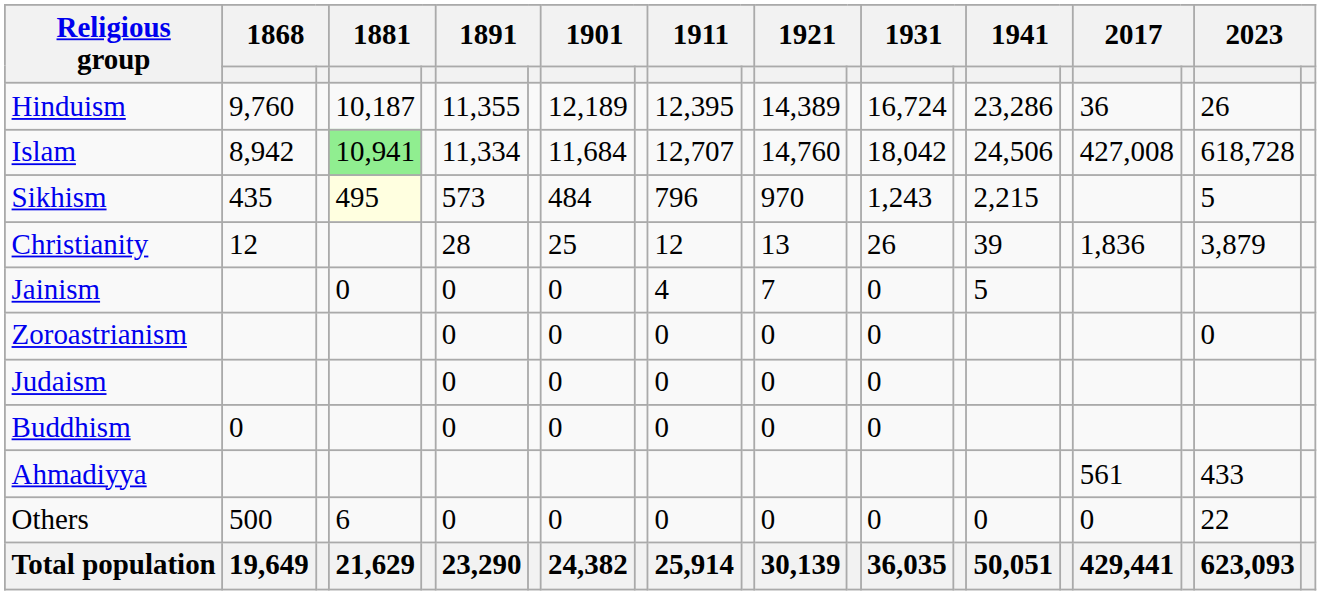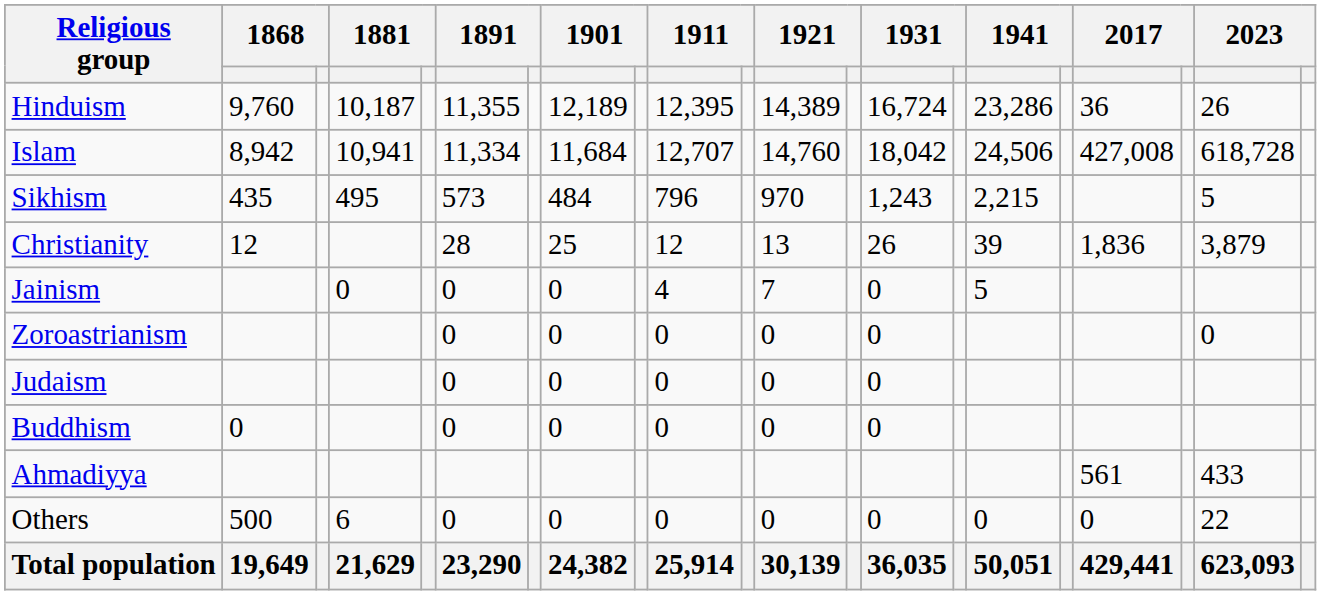 <table class="wikitable sortable">
 <tr>
 <th rowspan="2"><a href='#'>Religious</a><br>group</th>
 <th colspan="2">1868</th>
 <th colspan="2">1881</th>
 <th colspan="2">1891</th>
 <th colspan="2">1901</th>
 <th colspan="2">1911</th>
 <th colspan="2">1921</th>
 <th colspan="2">1931</th>
 <th colspan="2">1941</th>
 <th colspan="2">2017</th>
 <th colspan="2">2023</th>
 </tr>
 <tr>
 <th><a href='#'></a></th>
 <th></th>
 <th></th>
 <th></th>
 <th></th>
 <th></th>
 <th></th>
 <th></th>
 <th></th>
 <th></th>
 <th></th>
 <th></th>
 <th></th>
 <th></th>
 <th></th>
 <th></th>
 <th></th>
 <th></th>
 <th></th>
 <th></th>
 </tr>
 <tr>
 <td><a href='#'>Hinduism</a> </td>
 <td>9,760</td>
 <td></td>
 <td>10,187</td>
 <td></td>
 <td>11,355</td>
 <td></td>
 <td>12,189</td>
 <td></td>
 <td>12,395</td>
 <td></td>
 <td>14,389</td>
 <td></td>
 <td>16,724</td>
 <td></td>
 <td>23,286</td>
 <td></td>
 <td>36</td>
 <td></td>
 <td>26</td>
 <td></td>
 </tr>
 <tr>
 <td><a href='#'>Islam</a> </td>
 <td>8,942</td>
 <td></td>
-<td style="background: lightgreen;">10,941</td>
+<td>10,941</td>
 <td></td>
 <td>11,334</td>
 <td></td>
 <td>11,684</td>
 <td></td>
 <td>12,707</td>
 <td></td>
 <td>14,760</td>
 <td></td>
 <td>18,042</td>
 <td></td>
 <td>24,506</td>
 <td></td>
 <td>427,008</td>
 <td></td>
 <td>618,728</td>
 <td></td>
 </tr>
 <tr>
 <td><a href='#'>Sikhism</a> </td>
 <td>435</td>
 <td></td>
-<td style="background: lightyellow;">495</td>
+<td>495</td>
 <td></td>
 <td>573</td>
 <td></td>
 <td>484</td>
 <td></td>
 <td>796</td>
 <td></td>
 <td>970</td>
 <td></td>
 <td>1,243</td>
 <td></td>
 <td>2,215</td>
 <td></td>
 <td></td>
 <td></td>
 <td>5</td>
 <td></td>
 </tr>
 <tr>
 <td><a href='#'>Christianity</a> </td>
 <td>12</td>
 <td></td>
 <td></td>
 <td></td>
 <td>28</td>
 <td></td>
 <td>25</td>
 <td></td>
 <td>12</td>
 <td></td>
 <td>13</td>
 <td></td>
 <td>26</td>
 <td></td>
 <td>39</td>
 <td></td>
 <td>1,836</td>
 <td></td>
 <td>3,879</td>
 <td></td>
 </tr>
 <tr>
 <td><a href='#'>Jainism</a> </td>
 <td></td>
 <td></td>
 <td>0</td>
 <td></td>
 <td>0</td>
 <td></td>
 <td>0</td>
 <td></td>
 <td>4</td>
 <td></td>
 <td>7</td>
 <td></td>
 <td>0</td>
 <td></td>
 <td>5</td>
 <td></td>
 <td></td>
 <td></td>
 <td></td>
 <td></td>
 </tr>
 <tr>
 <td><a href='#'>Zoroastrianism</a> </td>
 <td></td>
 <td></td>
 <td></td>
 <td></td>
 <td>0</td>
 <td></td>
 <td>0</td>
 <td></td>
 <td>0</td>
 <td></td>
 <td>0</td>
 <td></td>
 <td>0</td>
 <td></td>
 <td></td>
 <td></td>
 <td></td>
 <td></td>
 <td>0</td>
 <td></td>
 </tr>
 <tr>
 <td><a href='#'>Judaism</a> </td>
 <td></td>
 <td></td>
 <td></td>
 <td></td>
 <td>0</td>
 <td></td>
 <td>0</td>
 <td></td>
 <td>0</td>
 <td></td>
 <td>0</td>
 <td></td>
 <td>0</td>
 <td></td>
 <td></td>
 <td></td>
 <td></td>
 <td></td>
 <td></td>
 <td></td>
 </tr>
 <tr>
 <td><a href='#'>Buddhism</a> </td>
 <td>0</td>
 <td></td>
 <td></td>
 <td></td>
 <td>0</td>
 <td></td>
 <td>0</td>
 <td></td>
 <td>0</td>
 <td></td>
 <td>0</td>
 <td></td>
 <td>0</td>
 <td></td>
 <td></td>
 <td></td>
 <td></td>
 <td></td>
 <td></td>
 <td></td>
 </tr>
 <tr>
 <td><a href='#'>Ahmadiyya</a> </td>
 <td></td>
 <td></td>
 <td></td>
 <td></td>
 <td></td>
 <td></td>
 <td></td>
 <td></td>
 <td></td>
 <td></td>
 <td></td>
 <td></td>
 <td></td>
 <td></td>
 <td></td>
 <td></td>
 <td>561</td>
 <td></td>
 <td>433</td>
 <td></td>
 </tr>
 <tr>
 <td>Others</td>
 <td>500</td>
 <td></td>
 <td>6</td>
 <td></td>
 <td>0</td>
 <td></td>
 <td>0</td>
 <td></td>
 <td>0</td>
 <td></td>
 <td>0</td>
 <td></td>
 <td>0</td>
 <td></td>
 <td>0</td>
 <td></td>
 <td>0</td>
 <td></td>
 <td>22</td>
 <td></td>
 </tr>
 <tr>
 <th>Total population</th>
 <th>19,649</th>
 <th></th>
 <th>21,629</th>
 <th></th>
 <th>23,290</th>
 <th></th>
 <th>24,382</th>
 <th></th>
 <th>25,914</th>
 <th></th>
 <th>30,139</th>
 <th></th>
 <th>36,035</th>
 <th></th>
 <th>50,051</th>
 <th></th>
 <th>429,441</th>
 <th></th>
 <th>623,093</th>
 <th></th>
 </tr>
 </table>
